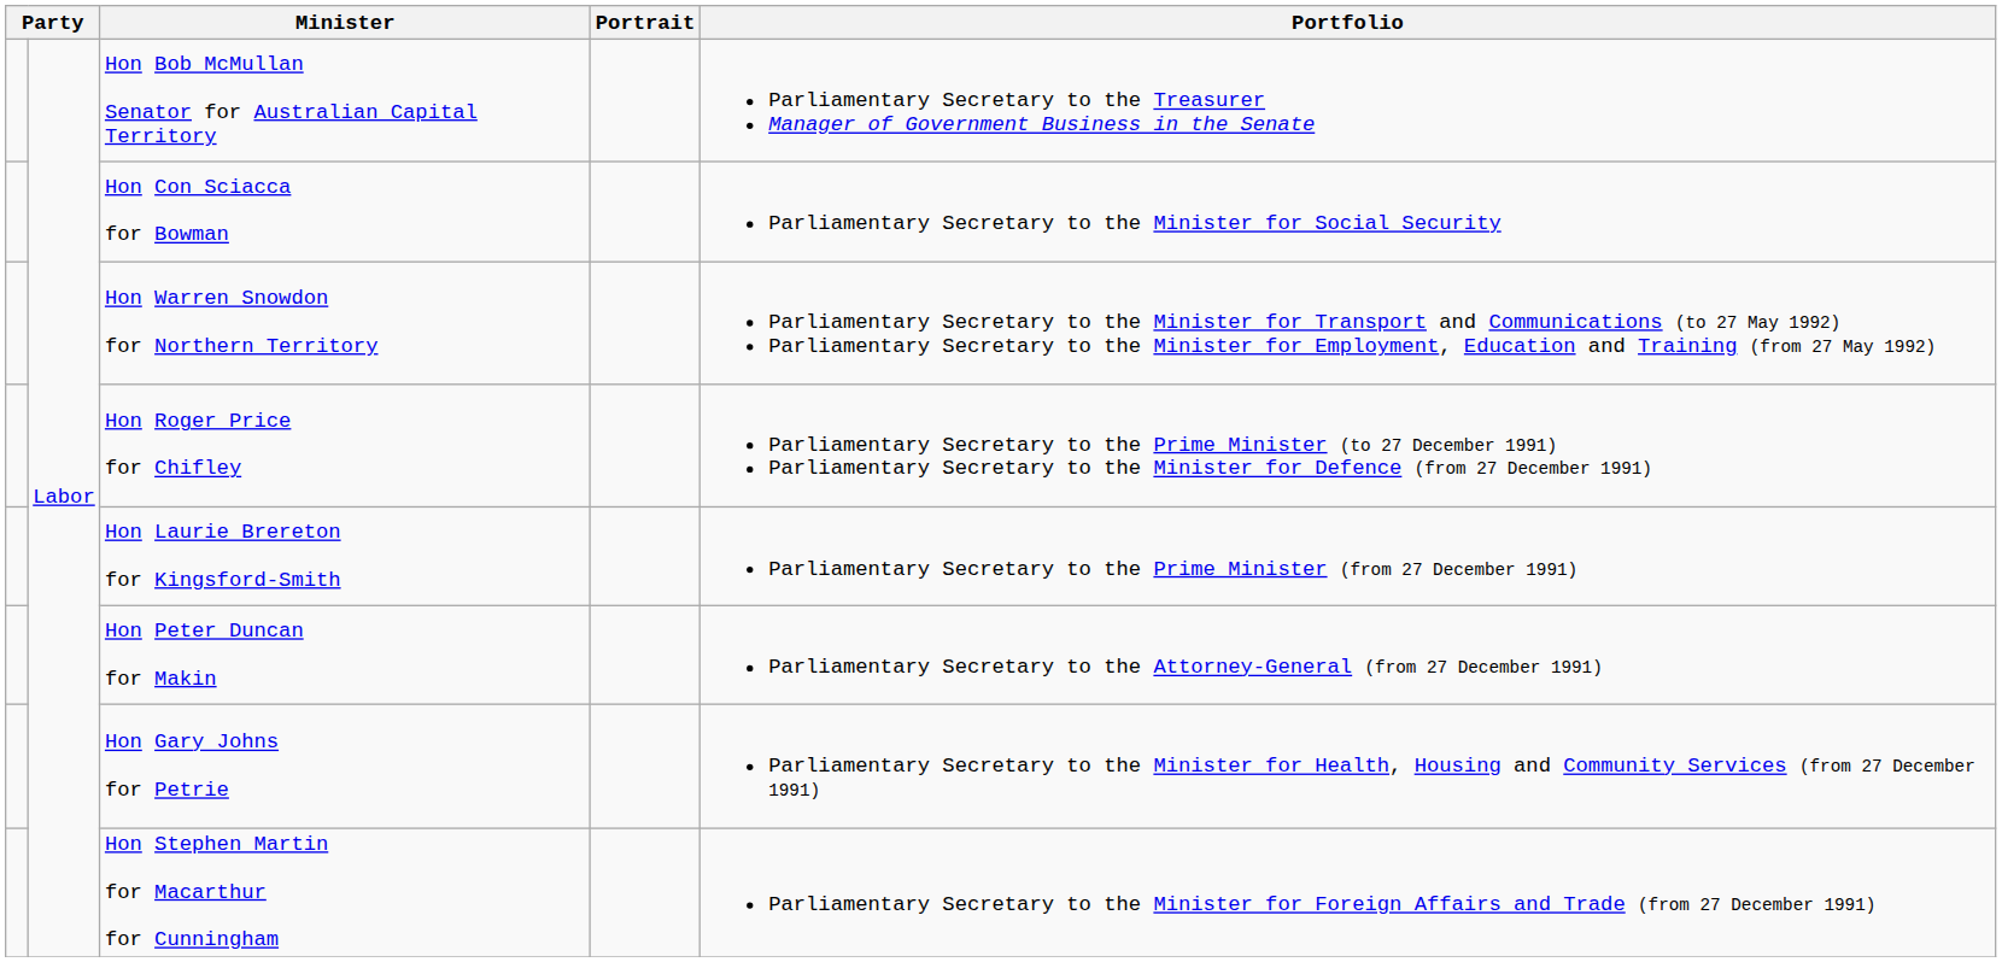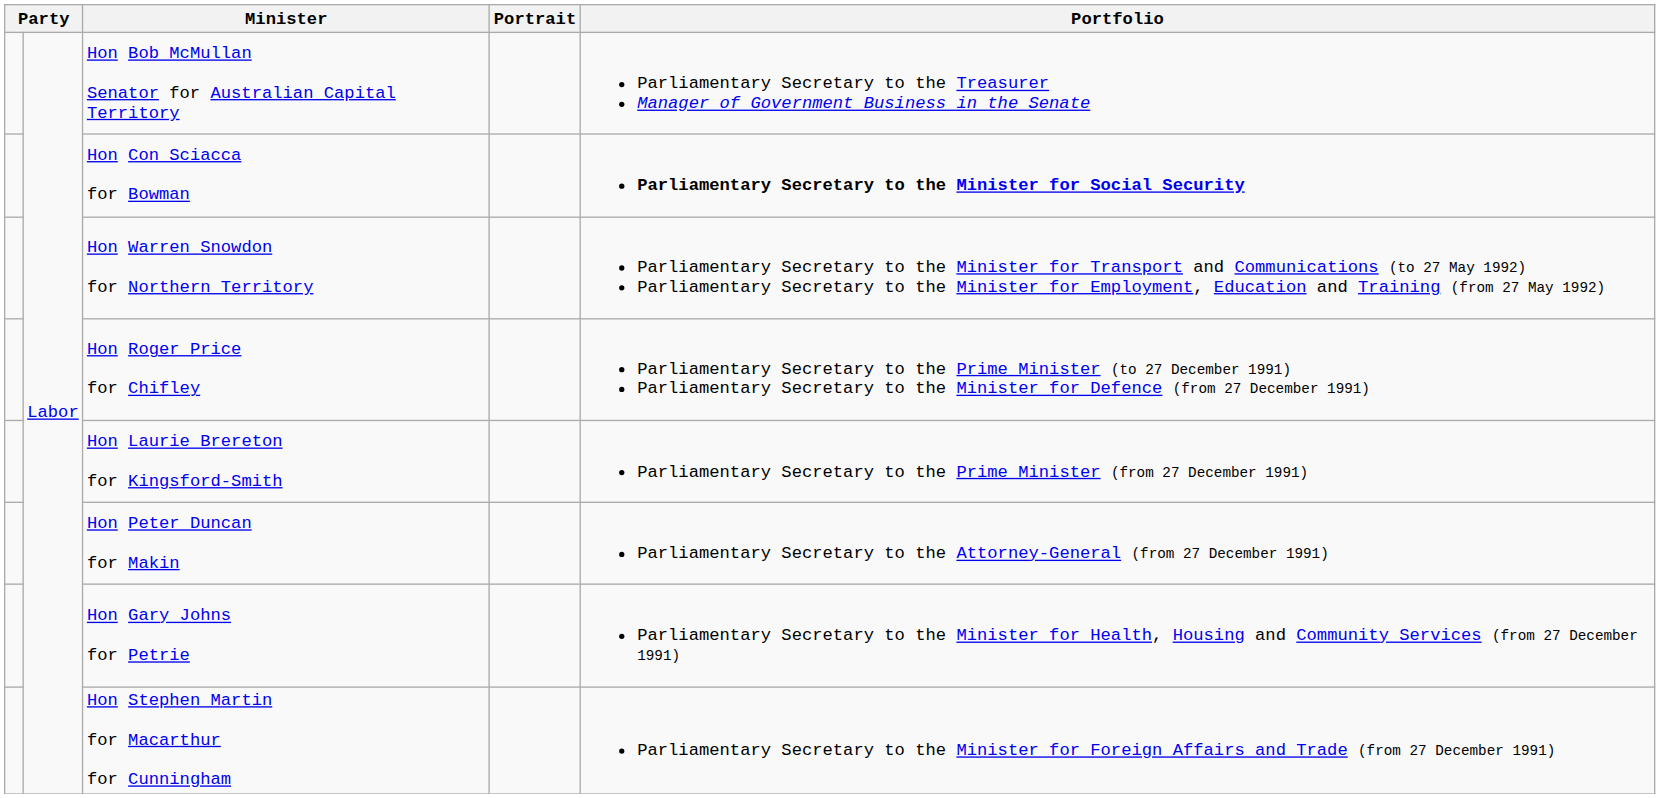 <table class="wikitable sortable">
 <tr>
 <th colspan="2">Party</th>
 <th>Minister</th>
 <th>Portrait</th>
 <th>Portfolio</th>
 </tr>
 <tr>
 <td> </td>
 <td rowspan=8><a href='#'>Labor</a></td>
 <td><a href='#'>Hon</a> <a href='#'>Bob McMullan</a> <br><br><a href='#'>Senator</a> for <a href='#'>Australian Capital Territory</a> <br></td>
 <td></td>
 <td><br><ul><li>Parliamentary Secretary to the <a href='#'>Treasurer</a></li><li><em><a href='#'>Manager of Government Business in the Senate</a></em></li></ul></td>
 </tr>
 <tr>
 <td> </td>
 <td><a href='#'>Hon</a> <a href='#'>Con Sciacca</a> <br><br> for <a href='#'>Bowman</a> <br></td>
 <td></td>
-<td><br><ul><li>Parliamentary Secretary to the <a href='#'>Minister for Social Security</a></li></ul></td>
+<td><strong><br><ul><li>Parliamentary Secretary to the <a href='#'>Minister for Social Security</a></li></ul></strong></td>
 </tr>
 <tr>
 <td> </td>
 <td><a href='#'>Hon</a> <a href='#'>Warren Snowdon</a> <br><br> for <a href='#'>Northern Territory</a> <br></td>
 <td></td>
 <td><br><ul><li>Parliamentary Secretary to the <a href='#'>Minister for Transport</a> and <a href='#'>Communications</a> <small>(to 27 May 1992)</small></li><li>Parliamentary Secretary to the <a href='#'>Minister for Employment</a>, <a href='#'>Education</a> and <a href='#'>Training</a> <small>(from 27 May 1992)</small></li></ul></td>
 </tr>
 <tr>
 <td> </td>
 <td><a href='#'>Hon</a> <a href='#'>Roger Price</a> <br><br> for <a href='#'>Chifley</a> <br></td>
 <td></td>
 <td><br><ul><li>Parliamentary Secretary to the <a href='#'>Prime Minister</a> <small>(to 27 December 1991)</small></li><li>Parliamentary Secretary to the <a href='#'>Minister for Defence</a> <small>(from 27 December 1991)</small></li></ul></td>
 </tr>
 <tr>
 <td> </td>
 <td><a href='#'>Hon</a> <a href='#'>Laurie Brereton</a> <br><br> for <a href='#'>Kingsford-Smith</a> <br></td>
 <td></td>
 <td><br><ul><li>Parliamentary Secretary to the <a href='#'>Prime Minister</a> <small>(from 27 December 1991)</small></li></ul></td>
 </tr>
 <tr>
 <td> </td>
 <td><a href='#'>Hon</a> <a href='#'>Peter Duncan</a> <br><br> for <a href='#'>Makin</a> <br></td>
 <td></td>
 <td><br><ul><li>Parliamentary Secretary to the <a href='#'>Attorney-General</a> <small>(from 27 December 1991)</small></li></ul></td>
 </tr>
 <tr>
 <td> </td>
 <td><a href='#'>Hon</a> <a href='#'>Gary Johns</a> <br><br> for <a href='#'>Petrie</a> <br></td>
 <td></td>
 <td><br><ul><li>Parliamentary Secretary to the <a href='#'>Minister for Health</a>, <a href='#'>Housing</a> and <a href='#'>Community Services</a> <small>(from 27 December 1991)</small></li></ul></td>
 </tr>
 <tr>
 <td> </td>
 <td><a href='#'>Hon</a> <a href='#'>Stephen Martin</a> <br><br> for <a href='#'>Macarthur</a> <br><br> for <a href='#'>Cunningham</a> <br></td>
 <td></td>
 <td><br><ul><li>Parliamentary Secretary to the <a href='#'>Minister for Foreign Affairs and Trade</a> <small>(from 27 December 1991)</small></li></ul></td>
 </tr>
 </table>
